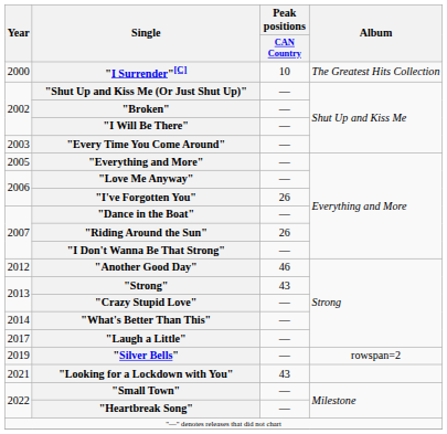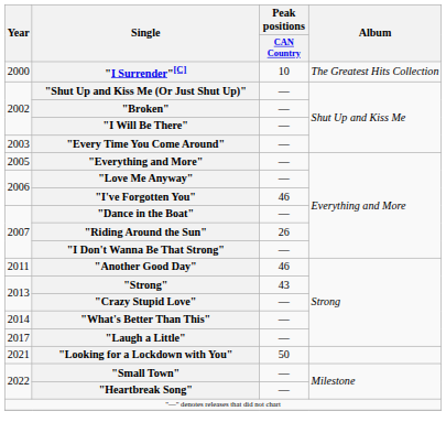 <table class="wikitable plainrowheaders" style="text-align:center;">
 <tr>
 <th rowspan="2">Year</th>
 <th rowspan="2" style="width:20em;">Single</th>
 <th>Peak positions</th>
 <th rowspan="2">Album</th>
 </tr>
 <tr style="font-size:smaller;">
 <th width="65"><a href='#'>CAN Country</a><br></th>
 </tr>
 <tr>
 <td>2000</td>
 <th scope="row">"<a href='#'>I Surrender</a>"<sup><a href='#'><strong>[C]</strong></a></sup></th>
 <td>10</td>
 <td align="left"><em>The Greatest Hits Collection</em></td>
 </tr>
 <tr>
 <td rowspan="3">2002</td>
 <th scope="row">"Shut Up and Kiss Me (Or Just Shut Up)"</th>
 <td>—</td>
 <td align="left" rowspan="4"><em>Shut Up and Kiss Me</em></td>
 </tr>
 <tr>
 <th scope="row">"Broken"</th>
 <td>—</td>
 </tr>
 <tr>
 <th scope="row">"I Will Be There"</th>
 <td>—</td>
 </tr>
 <tr>
 <td>2003</td>
 <th scope="row">"Every Time You Come Around"</th>
 <td>—</td>
 </tr>
 <tr>
 <td>2005</td>
 <th scope="row">"Everything and More"</th>
 <td>—</td>
 <td align="left" rowspan="6"><em>Everything and More</em></td>
 </tr>
 <tr>
 <td rowspan="2">2006</td>
 <th scope="row">"Love Me Anyway"</th>
 <td>—</td>
 </tr>
 <tr>
 <th scope="row">"I've Forgotten You"</th>
-<td>26</td>
+<td>46</td>
 </tr>
 <tr>
 <td rowspan="3">2007</td>
 <th scope="row">"Dance in the Boat"</th>
 <td>—</td>
 </tr>
 <tr>
 <th scope="row">"Riding Around the Sun"</th>
 <td>26</td>
 </tr>
 <tr>
 <th scope="row">"I Don't Wanna Be That Strong"</th>
 <td>—</td>
 </tr>
 <tr>
-<td>2012</td>
+<td>2011</td>
 <th scope="row">"Another Good Day"</th>
 <td>46</td>
 <td align="left" rowspan="5"><em>Strong</em></td>
 </tr>
 <tr>
 <td rowspan="2">2013</td>
 <th scope="row">"Strong"</th>
 <td>43</td>
 </tr>
 <tr>
 <th scope="row">"Crazy Stupid Love"</th>
 <td>—</td>
 </tr>
 <tr>
 <td>2014</td>
 <th scope="row">"What's Better Than This"</th>
 <td>—</td>
 </tr>
 <tr>
 <td>2017</td>
 <th scope="row">"Laugh a Little"</th>
 <td>—</td>
 </tr>
 <tr>
-<td>2019</td>
-<th scope="row">"<a href='#'>Silver Bells</a>"</th>
-<td>—</td>
-<td>rowspan=2 </td>
-</tr>
-<tr>
 <td>2021</td>
 <th scope="row">"Looking for a Lockdown with You"<br></th>
-<td>43</td>
+<td>50</td>
 </tr>
 <tr>
 <td rowspan=2>2022</td>
 <th scope="row">"Small Town"</th>
 <td>—</td>
 <td align="left" rowspan=2><em>Milestone</em></td>
 </tr>
 <tr>
 <th scope="row">"Heartbreak Song"</th>
 <td>—</td>
 </tr>
 <tr>
 <td colspan="4" style="font-size:8pt">"—" denotes releases that did not chart</td>
 </tr>
 <tr>
 </tr>
 </table>
